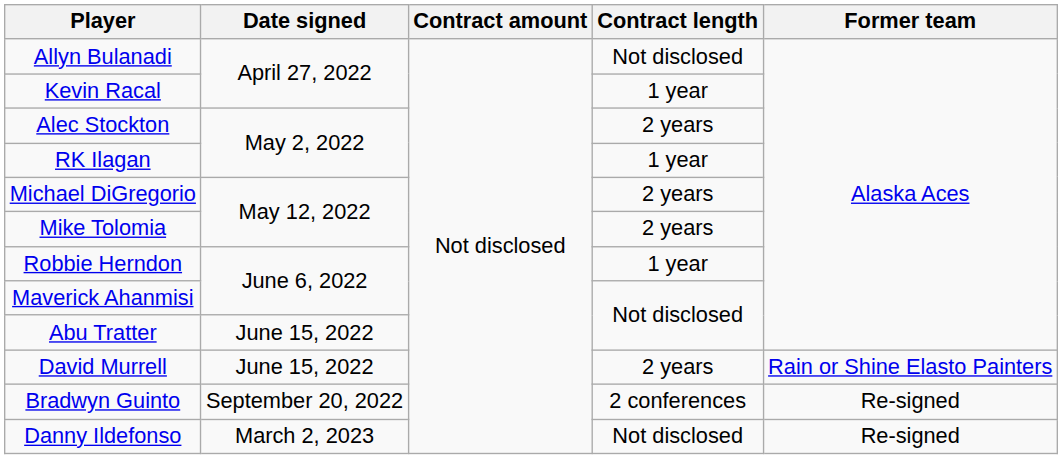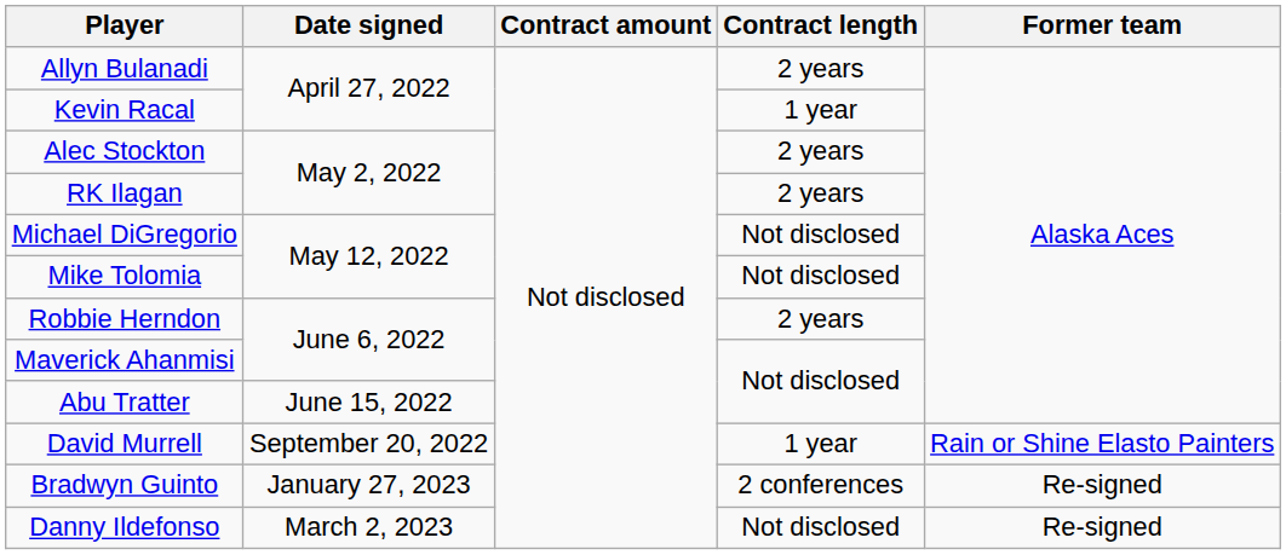 <table class="wikitable sortable sortable">
 <tr>
 <th>Player</th>
 <th>Date signed</th>
 <th>Contract amount</th>
 <th>Contract length</th>
 <th>Former team</th>
 </tr>
 <tr>
 <td align=center><a href='#'>Allyn Bulanadi</a></td>
 <td align=center rowspan=2>April 27, 2022</td>
 <td align=center rowspan=12>Not disclosed</td>
-<td align=center>Not disclosed</td>
+<td align=center>2 years</td>
 <td align=center rowspan=9><a href='#'>Alaska Aces</a></td>
 </tr>
 <tr>
 <td align=center><a href='#'>Kevin Racal</a></td>
 <td align=center>1 year</td>
 </tr>
 <tr>
 <td align=center><a href='#'>Alec Stockton</a></td>
 <td align=center rowspan=2>May 2, 2022</td>
 <td align=center>2 years</td>
 </tr>
 <tr>
 <td align=center><a href='#'>RK Ilagan</a></td>
-<td align=center>1 year</td>
+<td align=center>2 years</td>
 </tr>
 <tr>
 <td align=center><a href='#'>Michael DiGregorio</a></td>
 <td align=center rowspan=2>May 12, 2022</td>
-<td align=center>2 years</td>
+<td align=center>Not disclosed</td>
 </tr>
 <tr>
 <td align=center><a href='#'>Mike Tolomia</a></td>
-<td align=center>2 years</td>
+<td align=center>Not disclosed</td>
 </tr>
 <tr>
 <td align=center><a href='#'>Robbie Herndon</a></td>
 <td align=center rowspan=2>June 6, 2022</td>
-<td align=center>1 year</td>
+<td align=center>2 years</td>
 </tr>
 <tr>
 <td align=center><a href='#'>Maverick Ahanmisi</a></td>
 <td align=center rowspan=2>Not disclosed</td>
 </tr>
 <tr>
 <td align=center><a href='#'>Abu Tratter</a></td>
 <td align=center>June 15, 2022</td>
 </tr>
 <tr>
 <td align=center><a href='#'>David Murrell</a></td>
-<td align=center>June 15, 2022</td>
-<td align=center>2 years</td>
+<td align=center>September 20, 2022</td>
+<td align=center>1 year</td>
 <td align=center><a href='#'>Rain or Shine Elasto Painters</a></td>
 </tr>
 <tr>
 <td align=center><a href='#'>Bradwyn Guinto</a></td>
-<td align=center>September 20, 2022</td>
+<td align=center>January 27, 2023</td>
 <td align=center>2 conferences</td>
 <td align=center>Re-signed</td>
 </tr>
 <tr>
 <td align=center><a href='#'>Danny Ildefonso</a></td>
 <td align=center>March 2, 2023</td>
 <td align=center>Not disclosed</td>
 <td align=center>Re-signed</td>
 </tr>
 </table>
